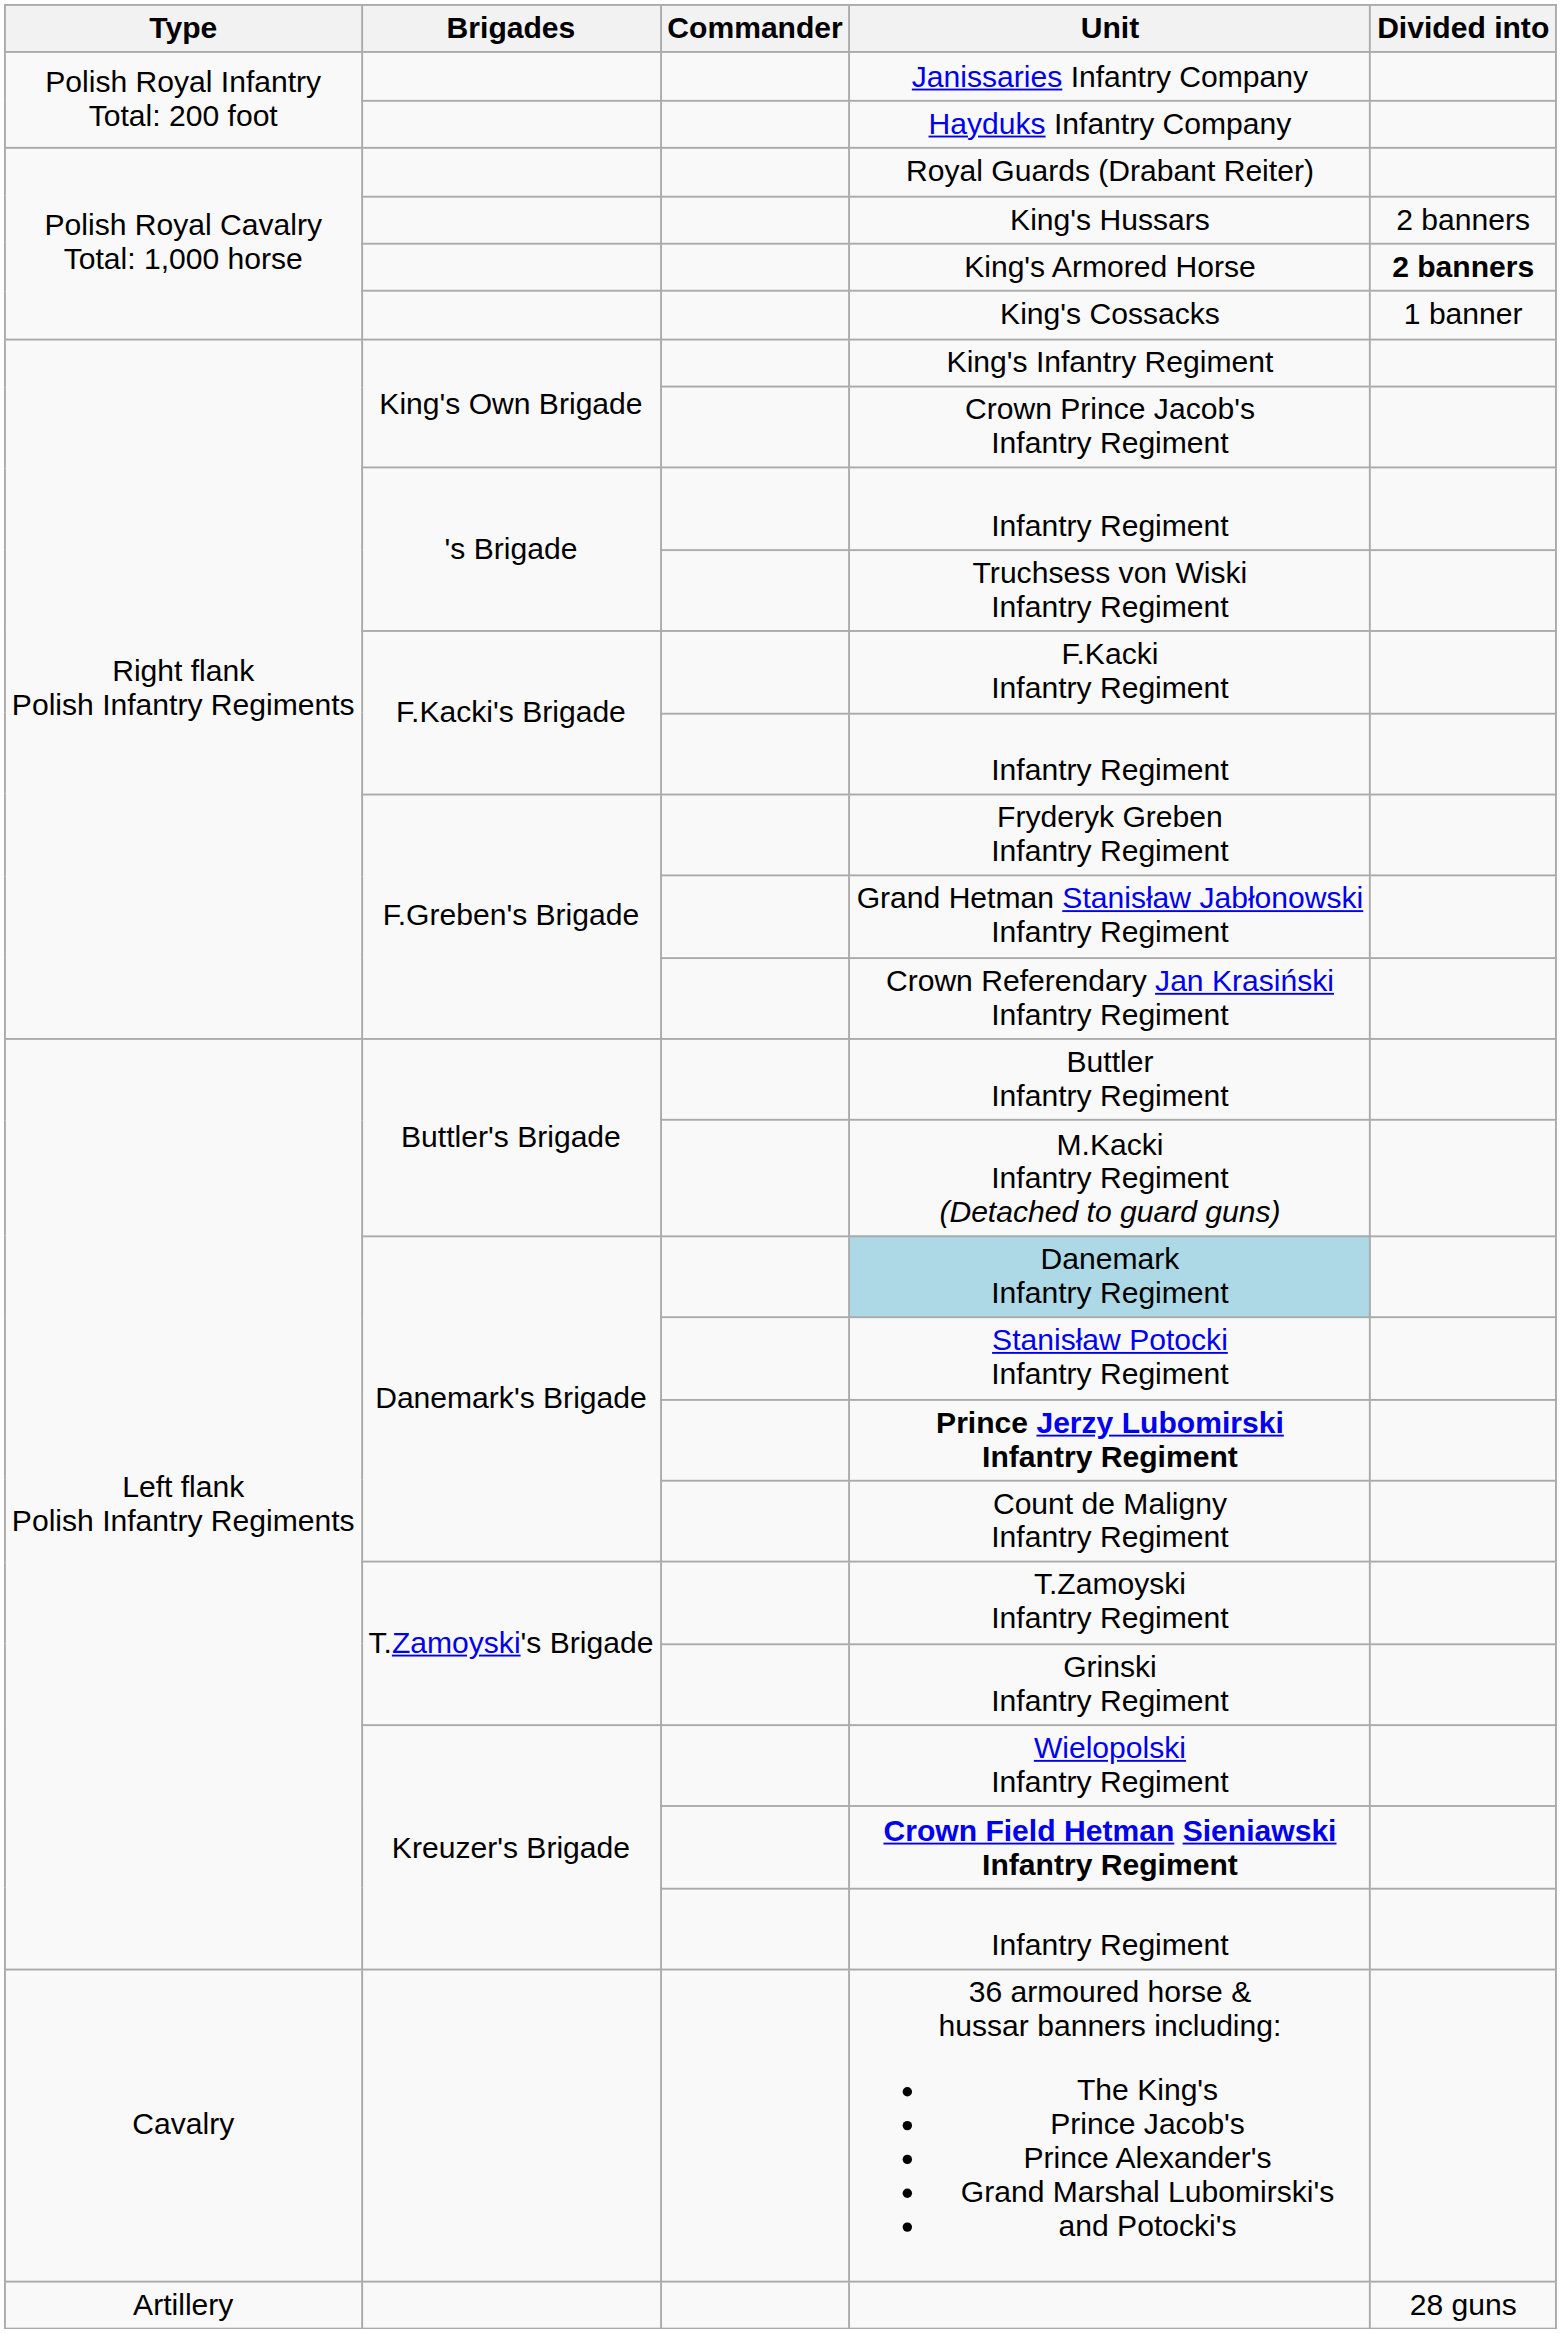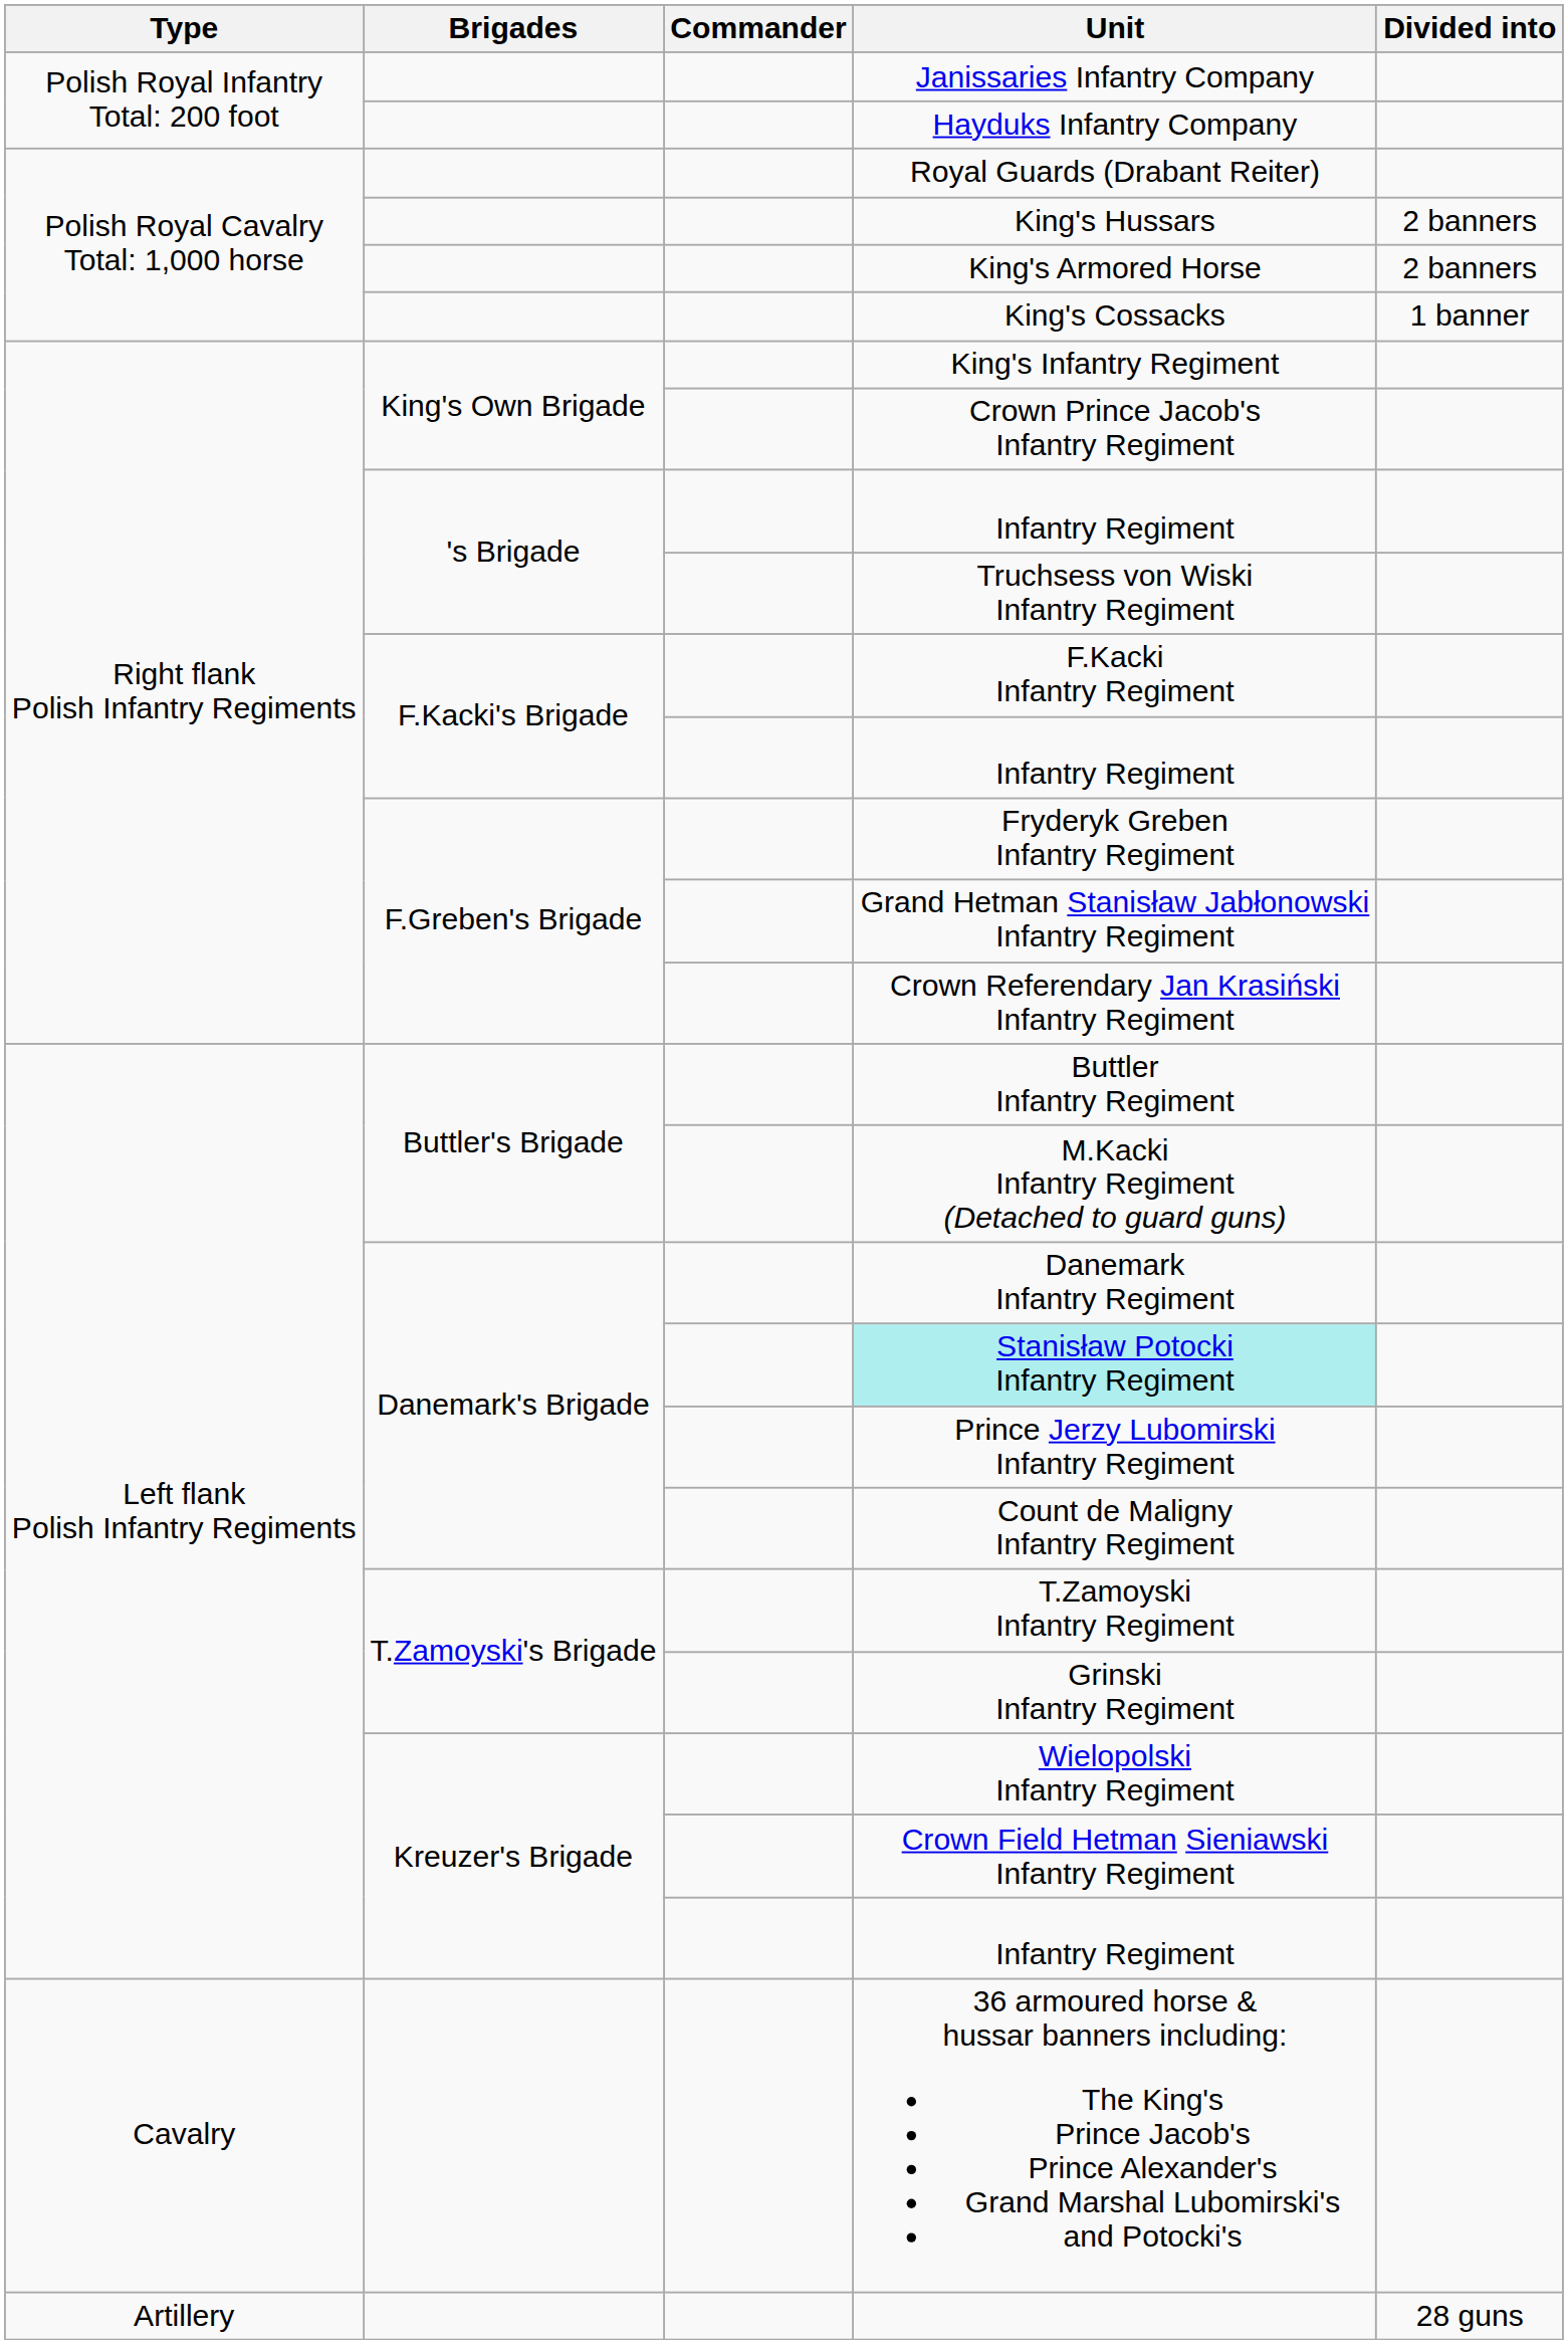 <table class="wikitable mw-collapsible" style="text-align:center" ;>
 <tr>
 <th>Type</th>
 <th>Brigades</th>
 <th>Commander</th>
 <th>Unit</th>
 <th>Divided into</th>
 </tr>
 <tr>
 <td rowspan="2">Polish Royal Infantry<br>Total: 200 foot</td>
 <td></td>
 <td></td>
 <td><a href='#'>Janissaries</a> Infantry Company</td>
 <td></td>
 </tr>
 <tr>
 <td></td>
 <td></td>
 <td><a href='#'>Hayduks</a> Infantry Company</td>
 <td></td>
 </tr>
 <tr>
 <td rowspan="4">Polish Royal Cavalry<br>Total: 1,000 horse</td>
 <td></td>
 <td></td>
 <td>Royal Guards (Drabant Reiter)</td>
 <td></td>
 </tr>
 <tr>
 <td></td>
 <td></td>
 <td>King's Hussars</td>
 <td>2 banners</td>
 </tr>
 <tr>
 <td></td>
 <td></td>
 <td>King's Armored Horse</td>
-<td><strong>2 banners</strong></td>
+<td>2 banners</td>
 </tr>
 <tr>
 <td></td>
 <td></td>
 <td>King's Cossacks</td>
 <td>1 banner</td>
 </tr>
 <tr>
 <td rowspan="9">Right flank<br>Polish Infantry Regiments</td>
 <td rowspan="2">King's Own Brigade</td>
 <td></td>
 <td>King's Infantry Regiment</td>
 <td></td>
 </tr>
 <tr>
 <td></td>
 <td>Crown Prince Jacob's<br>Infantry Regiment</td>
 <td></td>
 </tr>
 <tr>
 <td rowspan="2">'s Brigade</td>
 <td></td>
 <td><br>Infantry Regiment</td>
 <td></td>
 </tr>
 <tr>
 <td></td>
 <td>Truchsess von Wiski<br>Infantry Regiment</td>
 <td></td>
 </tr>
 <tr>
 <td rowspan="2">F.Kacki's Brigade</td>
 <td></td>
 <td>F.Kacki<br>Infantry Regiment</td>
 <td></td>
 </tr>
 <tr>
 <td></td>
 <td><br>Infantry Regiment</td>
 <td></td>
 </tr>
 <tr>
 <td rowspan="3">F.Greben's Brigade</td>
 <td></td>
 <td>Fryderyk Greben<br>Infantry Regiment</td>
 <td></td>
 </tr>
 <tr>
 <td></td>
 <td>Grand Hetman <a href='#'>Stanisław Jabłonowski</a><br>Infantry Regiment</td>
 <td></td>
 </tr>
 <tr>
 <td></td>
 <td>Crown Referendary <a href='#'>Jan Krasiński</a><br>Infantry Regiment</td>
 <td></td>
 </tr>
 <tr>
 <td rowspan="11">Left flank<br>Polish Infantry Regiments</td>
 <td rowspan="2">Buttler's Brigade</td>
 <td></td>
 <td>Buttler<br>Infantry Regiment</td>
 <td></td>
 </tr>
 <tr>
 <td></td>
 <td>M.Kacki<br>Infantry Regiment<br><em>(Detached to guard guns)</em></td>
 <td></td>
 </tr>
 <tr>
 <td rowspan="4">Danemark's Brigade</td>
 <td></td>
-<td style="background: lightblue;">Danemark<br>Infantry Regiment</td>
+<td>Danemark<br>Infantry Regiment</td>
 <td></td>
 </tr>
 <tr>
 <td></td>
-<td><a href='#'>Stanisław Potocki</a><br>Infantry Regiment</td>
+<td style="background: paleturquoise;"><a href='#'>Stanisław Potocki</a><br>Infantry Regiment</td>
 <td></td>
 </tr>
 <tr>
 <td></td>
-<td><strong>Prince <a href='#'>Jerzy Lubomirski</a><br>Infantry Regiment</strong></td>
+<td>Prince <a href='#'>Jerzy Lubomirski</a><br>Infantry Regiment</td>
 <td></td>
 </tr>
 <tr>
 <td></td>
 <td>Count de Maligny<br>Infantry Regiment</td>
 <td></td>
 </tr>
 <tr>
 <td rowspan="2">T.<a href='#'>Zamoyski</a>'s Brigade</td>
 <td></td>
 <td>T.Zamoyski<br>Infantry Regiment</td>
 <td></td>
 </tr>
 <tr>
 <td></td>
 <td>Grinski<br>Infantry Regiment</td>
 <td></td>
 </tr>
 <tr>
 <td rowspan="3">Kreuzer's Brigade</td>
 <td></td>
 <td><a href='#'>Wielopolski</a><br>Infantry Regiment</td>
 <td></td>
 </tr>
 <tr>
 <td></td>
-<td><strong><a href='#'>Crown Field Hetman</a> <a href='#'>Sieniawski</a><br>Infantry Regiment</strong></td>
+<td><a href='#'>Crown Field Hetman</a> <a href='#'>Sieniawski</a><br>Infantry Regiment</td>
 <td></td>
 </tr>
 <tr>
 <td></td>
 <td><br>Infantry Regiment</td>
 <td></td>
 </tr>
 <tr>
 <td>Cavalry</td>
 <td></td>
 <td></td>
 <td>36 armoured horse &<br>hussar banners including:<ul><li>The King's</li><li>Prince Jacob's</li><li>Prince Alexander's</li><li>Grand Marshal Lubomirski's</li><li>and Potocki's</li></ul></td>
 <td></td>
 </tr>
 <tr>
 <td>Artillery</td>
 <td></td>
 <td></td>
 <td></td>
 <td>28 guns</td>
 </tr>
 </table>
